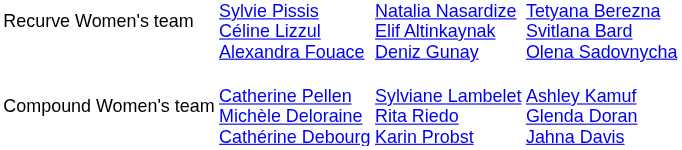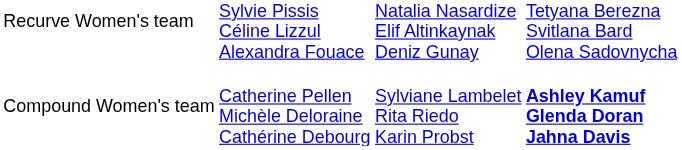 <table>
 <tr>
 <td>Recurve Women's team<br></td>
 <td><br><a href='#'>Sylvie Pissis</a><br><a href='#'>Céline Lizzul</a><br><a href='#'>Alexandra Fouace</a></td>
 <td><br><a href='#'>Natalia Nasardize</a><br><a href='#'>Elif Altinkaynak</a><br><a href='#'>Deniz Gunay</a></td>
 <td><br><a href='#'>Tetyana Berezna</a><br><a href='#'>Svitlana Bard</a><br><a href='#'>Olena Sadovnycha</a></td>
 </tr>
 <tr>
 <td>Compound Women's team<br></td>
 <td><br><a href='#'>Catherine Pellen</a><br><a href='#'>Michèle Deloraine</a><br><a href='#'>Cathérine Debourg</a></td>
 <td><br><a href='#'>Sylviane Lambelet</a><br><a href='#'>Rita Riedo</a><br><a href='#'>Karin Probst</a></td>
-<td><br><a href='#'>Ashley Kamuf</a><br><a href='#'>Glenda Doran</a><br><a href='#'>Jahna Davis</a></td>
+<td><strong><br><a href='#'>Ashley Kamuf</a><br><a href='#'>Glenda Doran</a><br><a href='#'>Jahna Davis</a></strong></td>
 </tr>
 </table>
